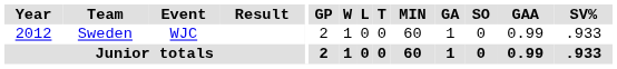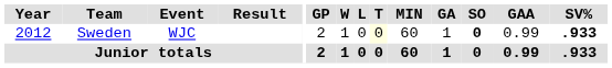 <table border="0" cellpadding="1" cellspacing="0" ID="Table3" style="text-align:center; width:40em">
 <tr ALIGN="center" bgcolor="#e0e0e0">
 <th>Year</th>
 <th>Team</th>
 <th>Event</th>
 <th>Result</th>
 <th rowspan="99" bgcolor="#ffffff"></th>
 <th>GP</th>
 <th>W</th>
 <th>L</th>
 <th>T</th>
 <th>MIN</th>
 <th>GA</th>
 <th>SO</th>
 <th>GAA</th>
 <th>SV%</th>
 </tr>
 <tr ALIGN="center">
 <td><a href='#'>2012</a></td>
 <td><a href='#'>Sweden</a></td>
 <td><a href='#'>WJC</a></td>
 <td></td>
 <td>2</td>
 <td>1</td>
 <td>0</td>
-<td>0</td>
+<td style="background: lightyellow;">0</td>
 <td>60</td>
 <td>1</td>
-<td>0</td>
+<td><strong>0</strong></td>
 <td>0.99</td>
-<td>.933</td>
+<td><strong>.933</strong></td>
 </tr>
 <tr bgcolor="#e0e0e0" ALIGN="center">
 <th colspan=4>Junior totals</th>
 <th>2</th>
 <th>1</th>
 <th>0</th>
 <th>0</th>
 <th>60</th>
 <th>1</th>
 <th>0</th>
 <th>0.99</th>
 <th>.933</th>
 </tr>
 </table>
